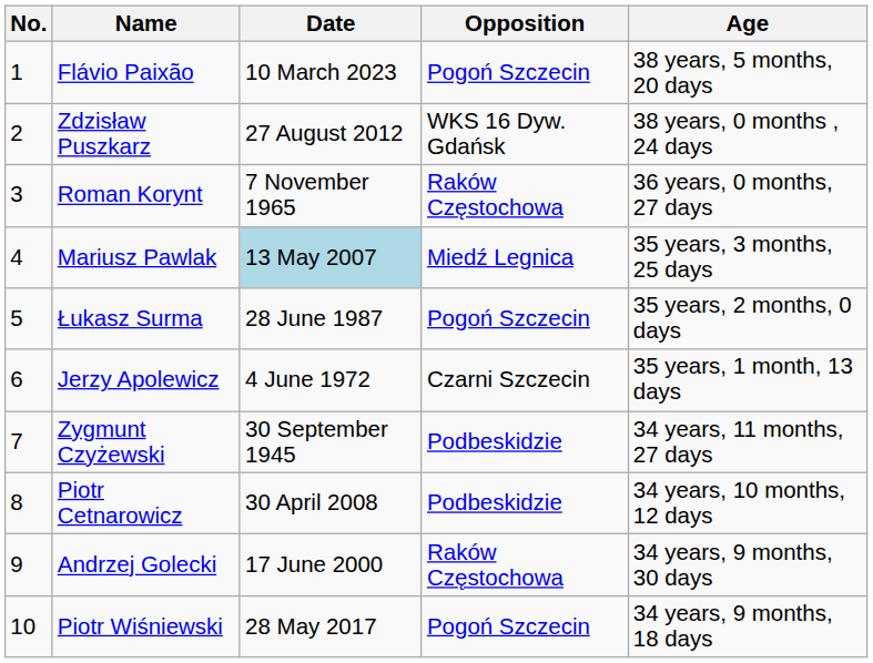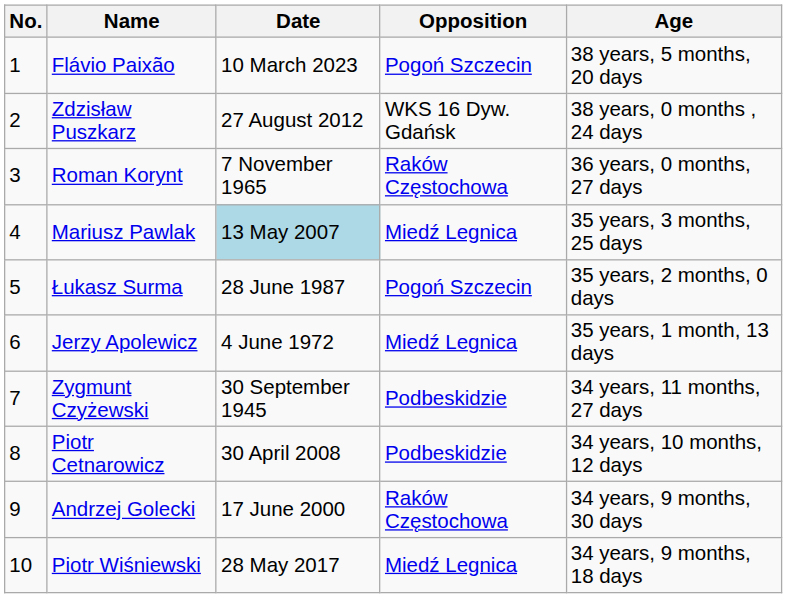 <table class="wikitable" style="display: inline-table;">
 <tr>
 <th>No.</th>
 <th>Name</th>
 <th>Date</th>
 <th>Opposition</th>
 <th>Age</th>
 </tr>
 <tr>
 <td>1</td>
 <td><a href='#'>Flávio Paixão</a></td>
 <td>10 March 2023</td>
 <td><a href='#'>Pogoń Szczecin</a></td>
 <td>38 years, 5 months, 20 days</td>
 </tr>
 <tr>
 <td>2</td>
 <td><a href='#'>Zdzisław Puszkarz</a></td>
 <td>27 August 2012</td>
 <td>WKS 16 Dyw. Gdańsk</td>
 <td>38 years, 0 months , 24 days</td>
 </tr>
 <tr>
 <td>3</td>
 <td><a href='#'>Roman Korynt</a></td>
 <td>7 November 1965</td>
 <td><a href='#'>Raków Częstochowa</a></td>
 <td>36 years, 0 months, 27 days</td>
 </tr>
 <tr>
 <td>4</td>
 <td><a href='#'>Mariusz Pawlak</a></td>
 <td style="background: lightblue;">13 May 2007</td>
 <td><a href='#'>Miedź Legnica</a></td>
 <td>35 years, 3 months, 25 days</td>
 </tr>
 <tr>
 <td>5</td>
 <td><a href='#'>Łukasz Surma</a></td>
 <td>28 June 1987</td>
 <td><a href='#'>Pogoń Szczecin</a></td>
 <td>35 years, 2 months, 0 days</td>
 </tr>
 <tr>
 <td>6</td>
 <td><a href='#'>Jerzy Apolewicz</a></td>
 <td>4 June 1972</td>
-<td>Czarni Szczecin</td>
+<td><a href='#'>Miedź Legnica</a></td>
 <td>35 years, 1 month, 13 days</td>
 </tr>
 <tr>
 <td>7</td>
 <td><a href='#'>Zygmunt Czyżewski</a></td>
 <td>30 September 1945</td>
 <td><a href='#'>Podbeskidzie</a></td>
 <td>34 years, 11 months, 27 days</td>
 </tr>
 <tr>
 <td>8</td>
 <td><a href='#'>Piotr Cetnarowicz</a></td>
 <td>30 April 2008</td>
 <td><a href='#'>Podbeskidzie</a></td>
 <td>34 years, 10 months, 12 days</td>
 </tr>
 <tr>
 <td>9</td>
 <td><a href='#'>Andrzej Golecki</a></td>
 <td>17 June 2000</td>
 <td><a href='#'>Raków Częstochowa</a></td>
 <td>34 years, 9 months, 30 days</td>
 </tr>
 <tr>
 <td>10</td>
 <td><a href='#'>Piotr Wiśniewski</a></td>
 <td>28 May 2017</td>
-<td><a href='#'>Pogoń Szczecin</a></td>
+<td><a href='#'>Miedź Legnica</a></td>
 <td>34 years, 9 months, 18 days</td>
 </tr>
 </table>
